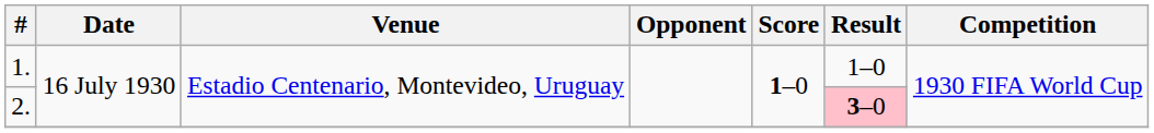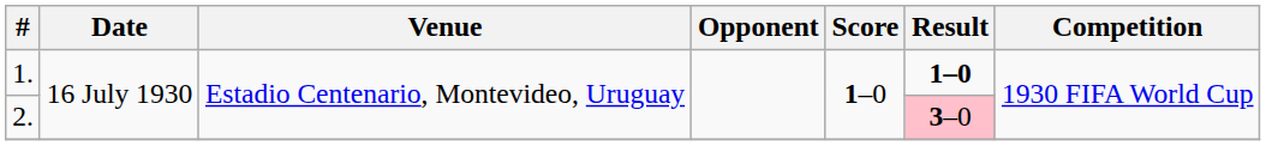 <table class="wikitable sortable" style="font-size:100%">
 <tr>
 <th>#</th>
 <th>Date</th>
 <th>Venue</th>
 <th>Opponent</th>
 <th>Score</th>
 <th>Result</th>
 <th>Competition</th>
 </tr>
 <tr>
 <td align=center>1.</td>
 <td rowspan=2>16 July 1930</td>
 <td rowspan=2><a href='#'>Estadio Centenario</a>, Montevideo, <a href='#'>Uruguay</a></td>
 <td rowspan=2></td>
 <td rowspan=2 align=center><strong>1</strong>–0</td>
-<td align=center>1–0</td>
+<td align=center><strong>1–0</strong></td>
 <td rowspan=2><a href='#'>1930 FIFA World Cup</a></td>
 </tr>
 <tr>
 <td align=center>2.</td>
 <td align=center style="background: pink;"><strong>3</strong>–0</td>
 </tr>
 <tr>
 </tr>
 </table>
